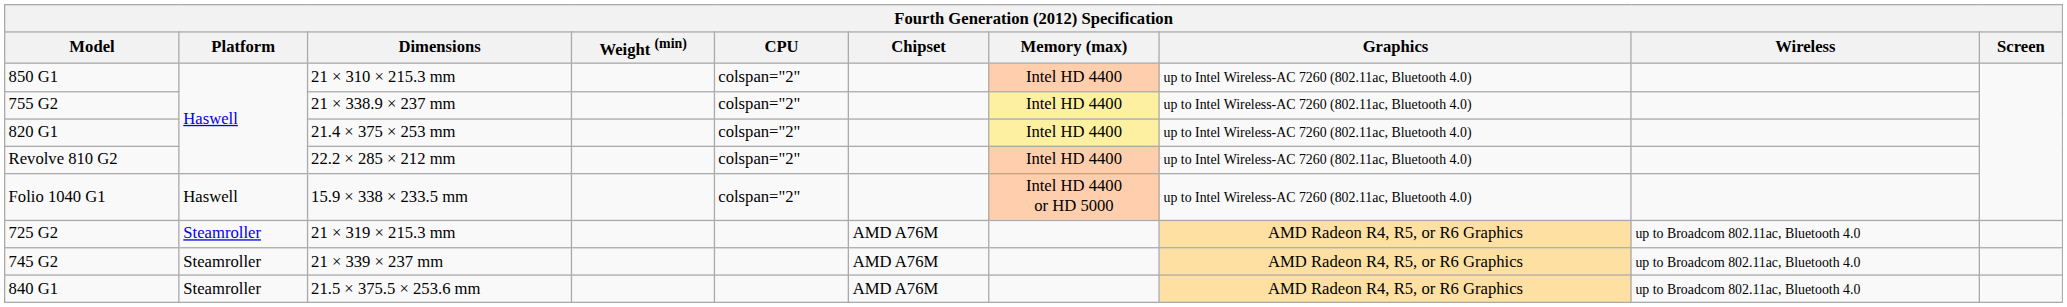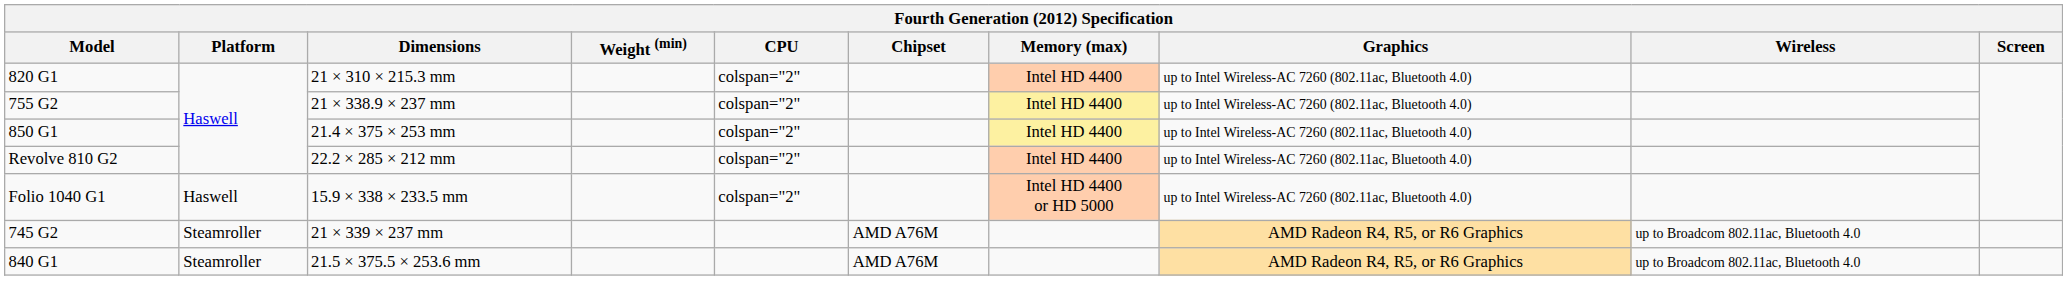 <table class="wikitable mw-collapsible mw-collapsed" style="font-size: 80%; width: 100%;">
 <tr>
 <th colspan="10">Fourth Generation (2012) Specification</th>
 </tr>
 <tr>
 <th>Model</th>
 <th>Platform</th>
 <th>Dimensions</th>
 <th>Weight <sup>(min)</sup></th>
 <th>CPU</th>
 <th>Chipset</th>
 <th>Memory (max)</th>
 <th>Graphics</th>
 <th>Wireless</th>
 <th>Screen</th>
 </tr>
 <tr>
-<td>850 G1</td>
+<td>820 G1</td>
 <td rowspan="4"><a href='#'>Haswell</a></td>
 <td>21 × 310 × 215.3 mm</td>
 <td></td>
 <td>colspan="2" </td>
 <td></td>
 <td style="text-align:center;background:#ffcead;">Intel HD 4400</td>
 <td><small>up to Intel Wireless-AC 7260 (802.11ac, Bluetooth 4.0)</small></td>
 <td></td>
 </tr>
 <tr>
 <td>755 G2</td>
 <td>21 × 338.9 × 237 mm</td>
 <td></td>
 <td>colspan="2" </td>
 <td></td>
 <td style="text-align:center;background:#fdf1a1;">Intel HD 4400<br></td>
 <td><small>up to Intel Wireless-AC 7260 (802.11ac, Bluetooth 4.0)</small></td>
 <td></td>
 </tr>
 <tr>
-<td>820 G1</td>
+<td>850 G1</td>
 <td>21.4 × 375 × 253 mm</td>
 <td></td>
 <td>colspan="2" </td>
 <td></td>
 <td style="text-align:center;background:#fdf1a1;">Intel HD 4400<br></td>
 <td><small>up to Intel Wireless-AC 7260 (802.11ac, Bluetooth 4.0)</small></td>
 <td></td>
 </tr>
 <tr>
 <td>Revolve 810 G2</td>
 <td>22.2 × 285 × 212 mm</td>
 <td></td>
 <td>colspan="2" </td>
 <td></td>
 <td style="text-align:center;background:#ffcead;">Intel HD 4400</td>
 <td><small>up to Intel Wireless-AC 7260 (802.11ac, Bluetooth 4.0)</small></td>
 <td></td>
 </tr>
 <tr>
 <td>Folio 1040 G1</td>
 <td>Haswell</td>
 <td>15.9 × 338 × 233.5 mm</td>
 <td></td>
 <td>colspan="2" </td>
 <td></td>
 <td style="text-align:center;background:#ffcead;">Intel HD 4400<br>or HD 5000</td>
 <td><small>up to Intel Wireless-AC 7260 (802.11ac, Bluetooth 4.0)</small></td>
 <td></td>
 </tr>
 <tr>
-<td>725 G2</td>
-<td><a href='#'>Steamroller</a></td>
-<td>21 × 319 × 215.3 mm</td>
-<td></td>
-<td></td>
-<td>AMD A76M</td>
-<td></td>
-<td style="text-align:center;background:#fee0a3;">AMD Radeon R4, R5, or R6 Graphics</td>
-<td><small>up to Broadcom 802.11ac, Bluetooth 4.0</small></td>
-<td></td>
-</tr>
-<tr>
 <td>745 G2</td>
 <td>Steamroller</td>
 <td>21 × 339 × 237 mm</td>
 <td></td>
 <td></td>
 <td>AMD A76M</td>
 <td></td>
 <td style="text-align:center;background:#fee0a3;">AMD Radeon R4, R5, or R6 Graphics</td>
 <td><small>up to Broadcom 802.11ac, Bluetooth 4.0</small></td>
 <td></td>
 </tr>
 <tr>
 <td>840 G1</td>
 <td>Steamroller</td>
 <td>21.5 × 375.5 × 253.6 mm</td>
 <td></td>
 <td></td>
 <td>AMD A76M</td>
 <td></td>
 <td style="text-align:center;background:#fee0a3;">AMD Radeon R4, R5, or R6 Graphics</td>
 <td><small>up to Broadcom 802.11ac, Bluetooth 4.0</small></td>
 <td></td>
 </tr>
 </table>
